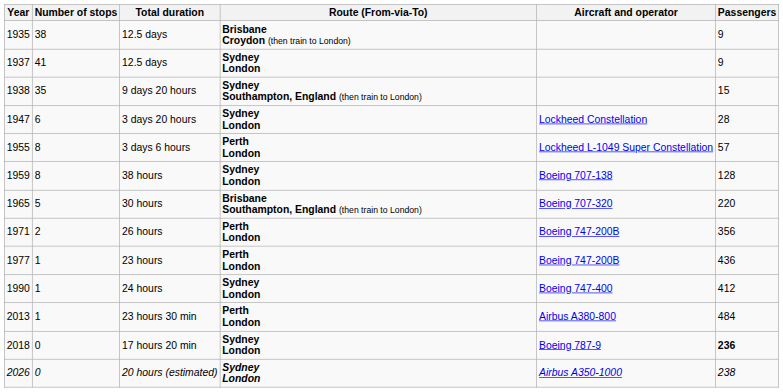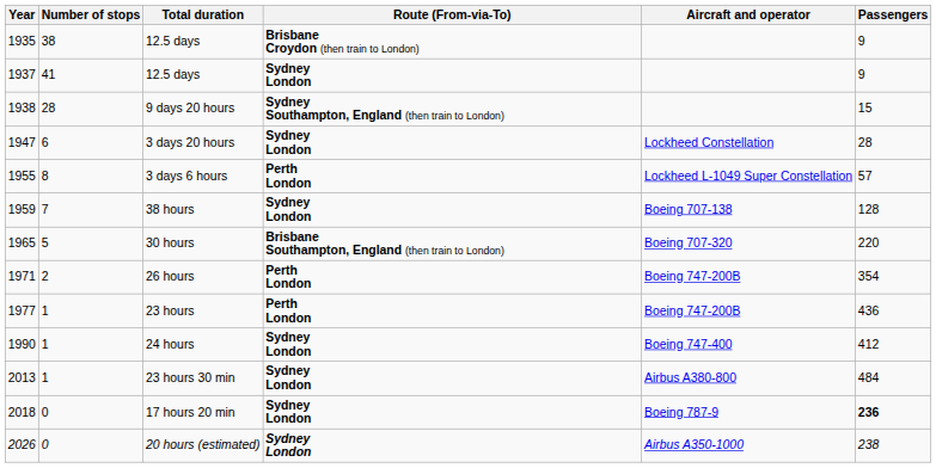 <table class="wikitable">
 <tr>
 <th>Year</th>
 <th>Number of stops</th>
 <th>Total duration</th>
 <th style=width:30em>Route (From-via-To)</th>
 <th>Aircraft and operator</th>
 <th>Passengers</th>
 </tr>
 <tr>
 <td>1935</td>
 <td>38</td>
 <td>12.5 days</td>
 <td><strong>Brisbane</strong><br> <strong>Croydon</strong> <small>(then train to London)</small></td>
 <td></td>
 <td>9</td>
 </tr>
 <tr>
 <td>1937</td>
 <td>41</td>
 <td>12.5 days</td>
 <td><strong>Sydney</strong><br> <strong>London</strong></td>
 <td></td>
 <td>9</td>
 </tr>
 <tr>
 <td>1938</td>
-<td>35</td>
+<td>28</td>
 <td>9 days 20 hours</td>
 <td><strong>Sydney</strong><br> <strong>Southampton, England</strong> <small>(then train to London)</small></td>
 <td></td>
 <td>15</td>
 </tr>
 <tr>
 <td>1947</td>
 <td>6</td>
 <td>3 days 20 hours</td>
 <td><strong>Sydney</strong><br> <strong>London</strong></td>
 <td><a href='#'>Lockheed Constellation</a></td>
 <td>28</td>
 </tr>
 <tr>
 <td>1955</td>
 <td>8</td>
 <td>3 days 6 hours</td>
 <td><strong>Perth</strong><br><strong>London</strong></td>
 <td><a href='#'>Lockheed L-1049 Super Constellation</a></td>
 <td>57</td>
 </tr>
 <tr>
 <td>1959</td>
-<td>8</td>
+<td>7</td>
 <td>38 hours</td>
 <td><strong>Sydney</strong><br> <strong>London</strong></td>
 <td><a href='#'>Boeing 707-138</a></td>
 <td>128</td>
 </tr>
 <tr>
 <td>1965</td>
 <td>5</td>
 <td>30 hours</td>
 <td><strong>Brisbane</strong><br> <strong>Southampton, England</strong> <small>(then train to London)</small></td>
 <td><a href='#'>Boeing 707-320</a></td>
 <td>220</td>
 </tr>
 <tr>
 <td>1971</td>
 <td>2</td>
 <td>26 hours</td>
 <td><strong>Perth</strong><br> <strong>London</strong></td>
 <td><a href='#'>Boeing 747-200B</a></td>
-<td>356</td>
+<td>354</td>
 </tr>
 <tr>
 <td>1977</td>
 <td>1</td>
 <td>23 hours</td>
 <td><strong>Perth</strong><br> <strong>London</strong></td>
 <td><a href='#'>Boeing 747-200B</a></td>
 <td>436</td>
 </tr>
 <tr>
 <td>1990</td>
 <td>1</td>
 <td>24 hours</td>
 <td><strong>Sydney</strong><br> <strong>London</strong></td>
 <td><a href='#'>Boeing 747-400</a></td>
 <td>412</td>
 </tr>
 <tr>
 <td>2013</td>
 <td>1</td>
 <td>23 hours 30 min</td>
-<td><strong>Perth</strong><br> <strong>London</strong></td>
+<td><strong>Sydney</strong><br> <strong>London</strong></td>
 <td><a href='#'>Airbus A380-800</a></td>
 <td>484</td>
 </tr>
 <tr>
 <td>2018</td>
 <td>0</td>
 <td>17 hours 20 min</td>
 <td><strong>Sydney</strong><br> <strong>London</strong></td>
 <td><a href='#'>Boeing 787-9</a></td>
 <td><strong>236</strong></td>
 </tr>
 <tr>
 <td><em>2026</em></td>
 <td><em>0</em></td>
 <td><em>20 hours (estimated)</em></td>
 <td><strong><em>Sydney</em></strong><br><strong><em>London</em></strong></td>
 <td><em><a href='#'>Airbus A350-1000</a></em></td>
 <td><em>238</em></td>
 </tr>
 </table>
